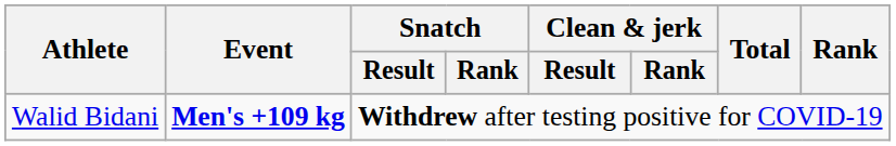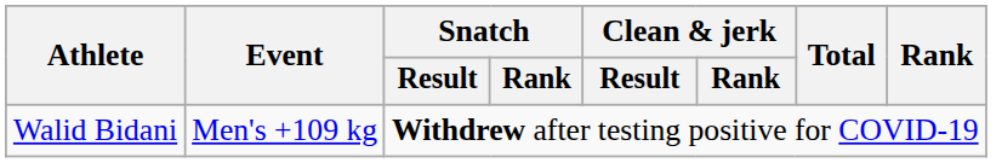 <table class="wikitable" style="font-size:90%">
 <tr>
 <th rowspan="2">Athlete</th>
 <th rowspan="2">Event</th>
 <th colspan="2">Snatch</th>
 <th colspan="2">Clean & jerk</th>
 <th rowspan="2">Total</th>
 <th rowspan="2">Rank</th>
 </tr>
 <tr style="font-size:95%">
 <th>Result</th>
 <th>Rank</th>
 <th>Result</th>
 <th>Rank</th>
 </tr>
 <tr align=center>
 <td align=left><a href='#'>Walid Bidani</a></td>
-<td align=left><strong><a href='#'>Men's +109 kg</a></strong></td>
+<td align=left><a href='#'>Men's +109 kg</a></td>
 <td colspan="6"><strong>Withdrew</strong> ‌‌‌‌‌after testing positive for <a href='#'>COVID-19</a></td>
 </tr>
 </table>
